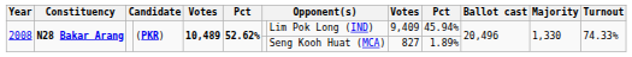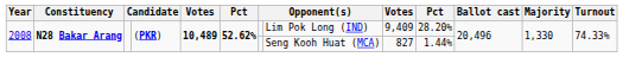 <table class="wikitable" style="margin:0.5em ; font-size:95%">
 <tr>
 <th>Year</th>
 <th>Constituency</th>
 <th colspan=2>Candidate</th>
 <th>Votes</th>
 <th>Pct</th>
 <th colspan=2>Opponent(s)</th>
 <th>Votes</th>
 <th>Pct</th>
 <th>Ballot cast</th>
 <th>Majority</th>
 <th>Turnout</th>
 </tr>
 <tr>
 <td rowspan=2><a href='#'>2008</a></td>
 <td rowspan=2><strong>N28 <a href='#'>Bakar Arang</a></strong></td>
 <td rowspan=2 ></td>
 <td rowspan=2> (<a href='#'><strong>PKR</strong></a>)</td>
 <td rowspan=2 align="right"><strong>10,489</strong></td>
 <td rowspan=2><strong>52.62%</strong></td>
 <td></td>
 <td>Lim Pok Long (<a href='#'>IND</a>)</td>
 <td align="right">9,409</td>
-<td>45.94%</td>
+<td>28.20%</td>
 <td rowspan=2>20,496</td>
 <td rowspan=2>1,330</td>
 <td rowspan=2>74.33%</td>
 </tr>
 <tr>
 <td></td>
 <td>Seng Kooh Huat (<a href='#'>MCA</a>)</td>
 <td align="right">827</td>
-<td align="right">1.89%</td>
+<td align="right">1.44%</td>
 </tr>
 </table>
